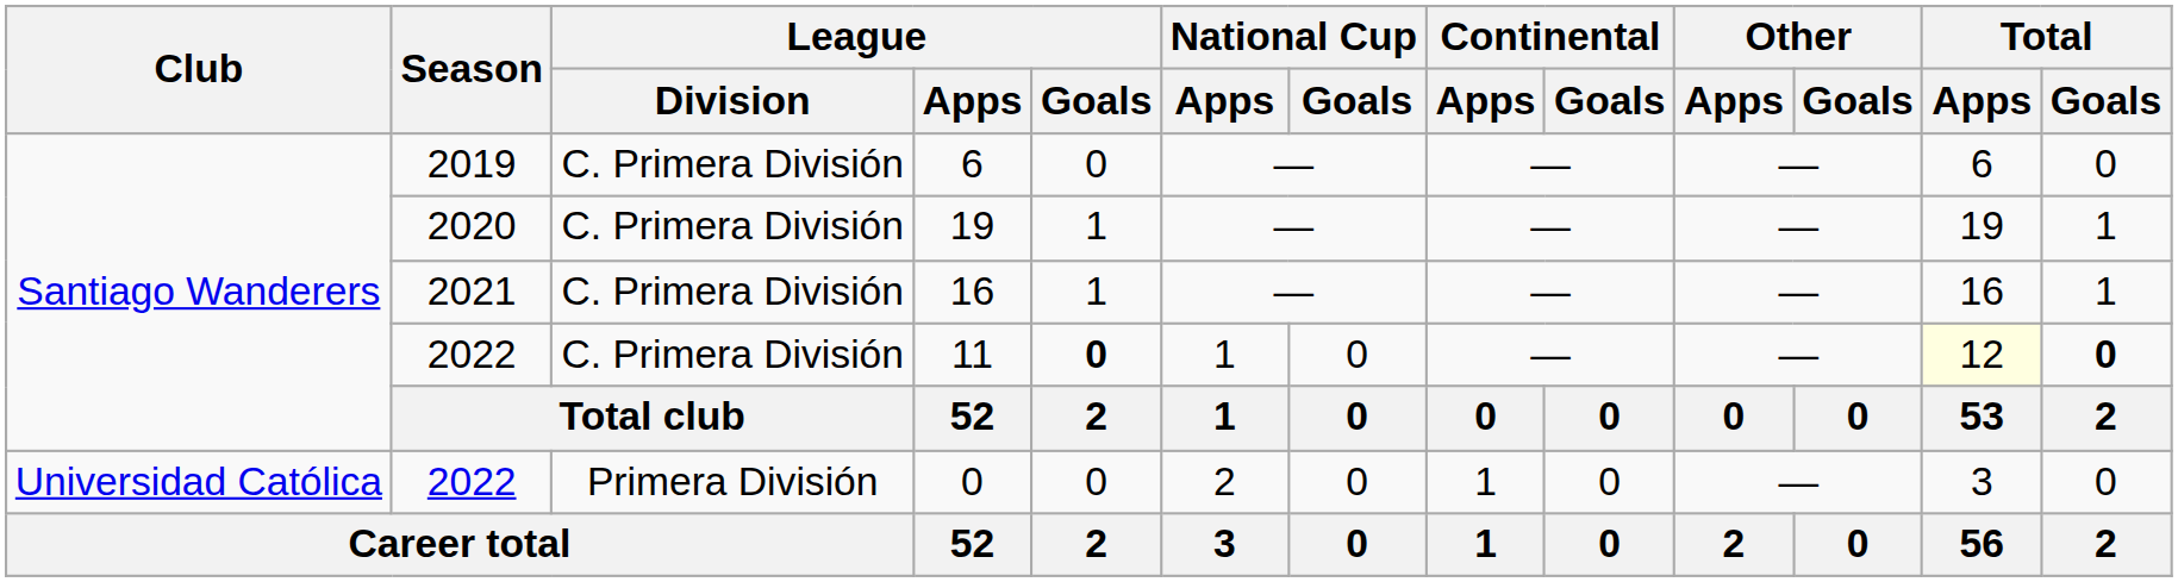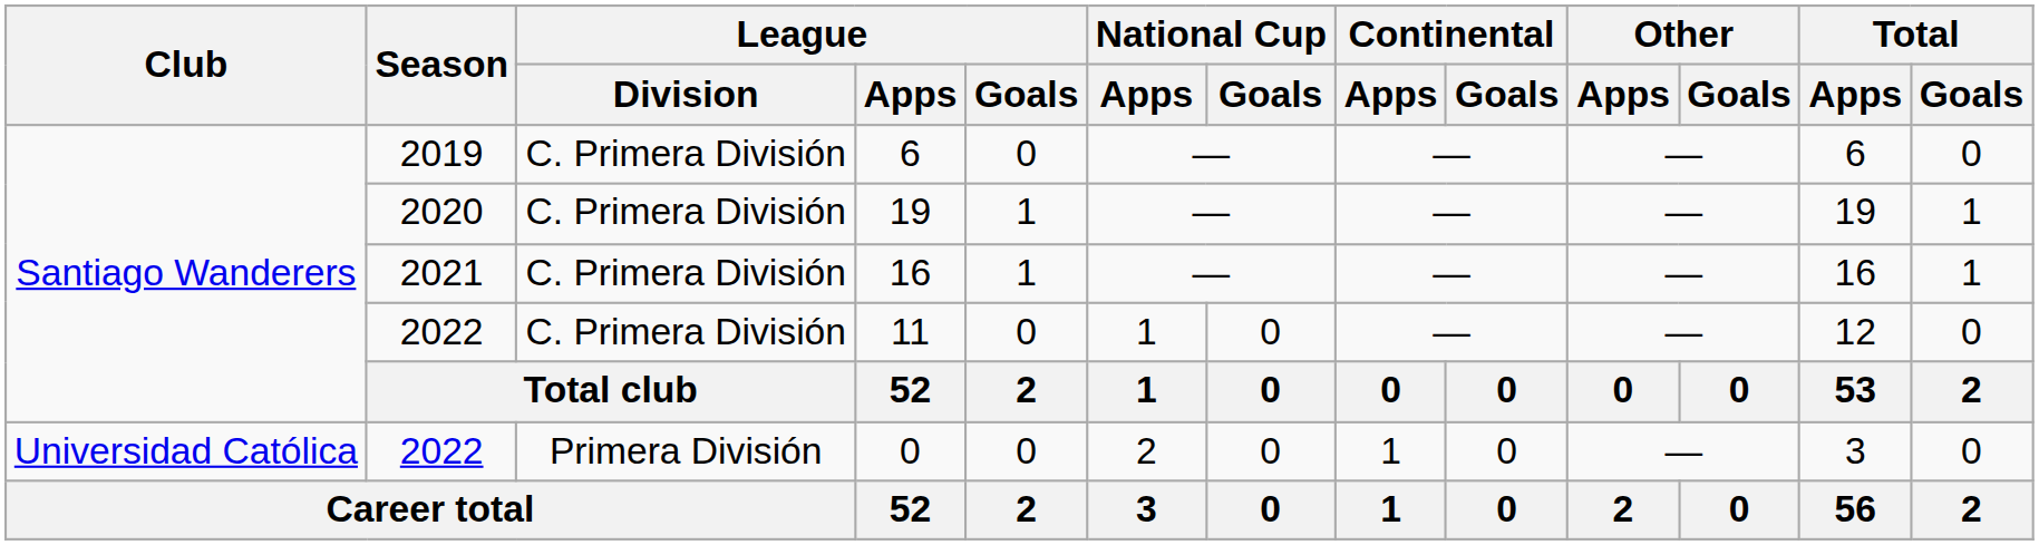 <table class="wikitable" style="text-align: center;">
 <tr>
 <th rowspan="2">Club</th>
 <th rowspan="2">Season</th>
 <th colspan="3">League</th>
 <th colspan="2">National Cup</th>
 <th colspan="2">Continental</th>
 <th colspan="2">Other</th>
 <th colspan="2">Total</th>
 </tr>
 <tr>
 <th>Division</th>
 <th>Apps</th>
 <th>Goals</th>
 <th>Apps</th>
 <th>Goals</th>
 <th>Apps</th>
 <th>Goals</th>
 <th>Apps</th>
 <th>Goals</th>
 <th>Apps</th>
 <th>Goals</th>
 </tr>
 <tr>
 <td rowspan="5"><a href='#'>Santiago Wanderers</a></td>
 <td>2019</td>
 <td>C. Primera División</td>
 <td>6</td>
 <td>0</td>
 <td colspan="2">—</td>
 <td colspan="2">—</td>
 <td colspan="2">—</td>
 <td>6</td>
 <td>0</td>
 </tr>
 <tr>
 <td>2020</td>
 <td>C. Primera División</td>
 <td>19</td>
 <td>1</td>
 <td colspan="2">—</td>
 <td colspan="2">—</td>
 <td colspan="2">—</td>
 <td>19</td>
 <td>1</td>
 </tr>
 <tr>
 <td>2021</td>
 <td>C. Primera División</td>
 <td>16</td>
 <td>1</td>
 <td colspan="2">—</td>
 <td colspan="2">—</td>
 <td colspan="2">—</td>
 <td>16</td>
 <td>1</td>
 </tr>
 <tr>
 <td>2022</td>
 <td>C. Primera División</td>
 <td>11</td>
-<td><strong>0</strong></td>
+<td>0</td>
 <td>1</td>
 <td>0</td>
 <td colspan="2">—</td>
 <td colspan="2">—</td>
-<td style="background: lightyellow;">12</td>
-<td><strong>0</strong></td>
+<td>12</td>
+<td>0</td>
 </tr>
 <tr>
 <th colspan="2">Total club</th>
 <th>52</th>
 <th>2</th>
 <th>1</th>
 <th>0</th>
 <th>0</th>
 <th>0</th>
 <th>0</th>
 <th>0</th>
 <th>53</th>
 <th>2</th>
 </tr>
 <tr>
 <td><a href='#'>Universidad Católica</a></td>
 <td><a href='#'>2022</a></td>
 <td>Primera División</td>
 <td>0</td>
 <td>0</td>
 <td>2</td>
 <td>0</td>
 <td>1</td>
 <td>0</td>
 <td colspan="2">—</td>
 <td>3</td>
 <td>0</td>
 </tr>
 <tr>
 <th colspan="3">Career total</th>
 <th>52</th>
 <th>2</th>
 <th>3</th>
 <th>0</th>
 <th>1</th>
 <th>0</th>
 <th>2</th>
 <th>0</th>
 <th>56</th>
 <th>2</th>
 </tr>
 </table>
